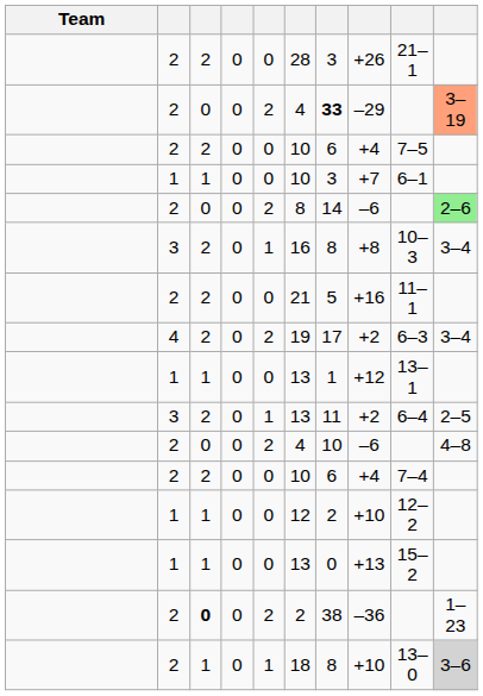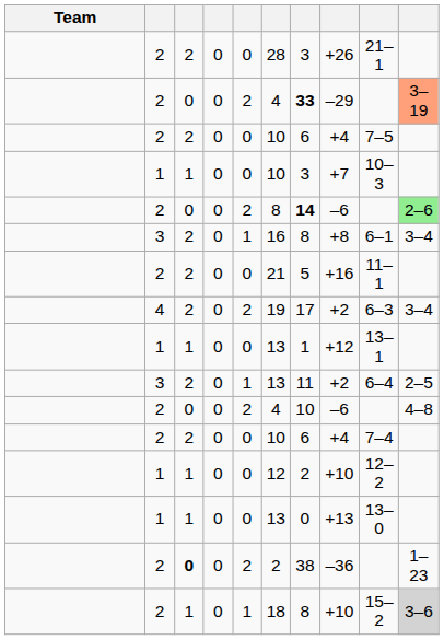 <table class="wikitable sortable" style="text-align: center;">
 <tr>
 <th width=125>Team</th>
 <th width=20></th>
 <th width=20></th>
 <th width=20></th>
 <th width=20></th>
 <th width=20></th>
 <th width=20></th>
 <th width=30></th>
 <th width=30></th>
 <th width=30></th>
 </tr>
 <tr>
 <td align=left></td>
 <td>2</td>
 <td>2</td>
 <td>0</td>
 <td>0</td>
 <td>28</td>
 <td>3</td>
 <td>+26</td>
 <td>21–1</td>
 <td></td>
 </tr>
 <tr>
 <td align=left></td>
 <td>2</td>
 <td>0</td>
 <td>0</td>
 <td>2</td>
 <td>4</td>
 <td><strong>33</strong></td>
 <td>–29</td>
 <td></td>
 <td style="background: lightsalmon;">3–19</td>
 </tr>
 <tr>
 <td align=left></td>
 <td>2</td>
 <td>2</td>
 <td>0</td>
 <td>0</td>
 <td>10</td>
 <td>6</td>
 <td>+4</td>
 <td>7–5</td>
 <td></td>
 </tr>
 <tr>
 <td align=left></td>
 <td>1</td>
 <td>1</td>
 <td>0</td>
 <td>0</td>
 <td>10</td>
 <td>3</td>
 <td>+7</td>
-<td>6–1</td>
+<td>10–3</td>
 <td></td>
 </tr>
 <tr>
 <td align=left></td>
 <td>2</td>
 <td>0</td>
 <td>0</td>
 <td>2</td>
 <td>8</td>
-<td>14</td>
+<td><strong>14</strong></td>
 <td>–6</td>
 <td></td>
 <td style="background: lightgreen;">2–6</td>
 </tr>
 <tr>
 <td align=left></td>
 <td>3</td>
 <td>2</td>
 <td>0</td>
 <td>1</td>
 <td>16</td>
 <td>8</td>
 <td>+8</td>
-<td>10–3</td>
+<td>6–1</td>
 <td>3–4</td>
 </tr>
 <tr>
 <td align=left></td>
 <td>2</td>
 <td>2</td>
 <td>0</td>
 <td>0</td>
 <td>21</td>
 <td>5</td>
 <td>+16</td>
 <td>11–1</td>
 <td></td>
 </tr>
 <tr>
 <td align=left></td>
 <td>4</td>
 <td>2</td>
 <td>0</td>
 <td>2</td>
 <td>19</td>
 <td>17</td>
 <td>+2</td>
 <td>6–3</td>
 <td>3–4</td>
 </tr>
 <tr>
 <td align=left></td>
 <td>1</td>
 <td>1</td>
 <td>0</td>
 <td>0</td>
 <td>13</td>
 <td>1</td>
 <td>+12</td>
 <td>13–1</td>
 <td></td>
 </tr>
 <tr>
 <td align=left></td>
 <td>3</td>
 <td>2</td>
 <td>0</td>
 <td>1</td>
 <td>13</td>
 <td>11</td>
 <td>+2</td>
 <td>6–4</td>
 <td>2–5</td>
 </tr>
 <tr>
 <td align=left></td>
 <td>2</td>
 <td>0</td>
 <td>0</td>
 <td>2</td>
 <td>4</td>
 <td>10</td>
 <td>–6</td>
 <td></td>
 <td>4–8</td>
 </tr>
 <tr>
 <td align=left></td>
 <td>2</td>
 <td>2</td>
 <td>0</td>
 <td>0</td>
 <td>10</td>
 <td>6</td>
 <td>+4</td>
 <td>7–4</td>
 <td></td>
 </tr>
 <tr>
 <td align=left></td>
 <td>1</td>
 <td>1</td>
 <td>0</td>
 <td>0</td>
 <td>12</td>
 <td>2</td>
 <td>+10</td>
 <td>12–2</td>
 <td></td>
 </tr>
 <tr>
 <td align=left></td>
 <td>1</td>
 <td>1</td>
 <td>0</td>
 <td>0</td>
 <td>13</td>
 <td>0</td>
 <td>+13</td>
-<td>15–2</td>
+<td>13–0</td>
 <td></td>
 </tr>
 <tr>
 <td align=left></td>
 <td>2</td>
 <td><strong>0</strong></td>
 <td>0</td>
 <td>2</td>
 <td>2</td>
 <td>38</td>
 <td>–36</td>
 <td></td>
 <td>1–23</td>
 </tr>
 <tr>
 <td align=left></td>
 <td>2</td>
 <td>1</td>
 <td>0</td>
 <td>1</td>
 <td>18</td>
 <td>8</td>
 <td>+10</td>
-<td>13–0</td>
+<td>15–2</td>
 <td style="background: lightgrey;">3–6</td>
 </tr>
 </table>
